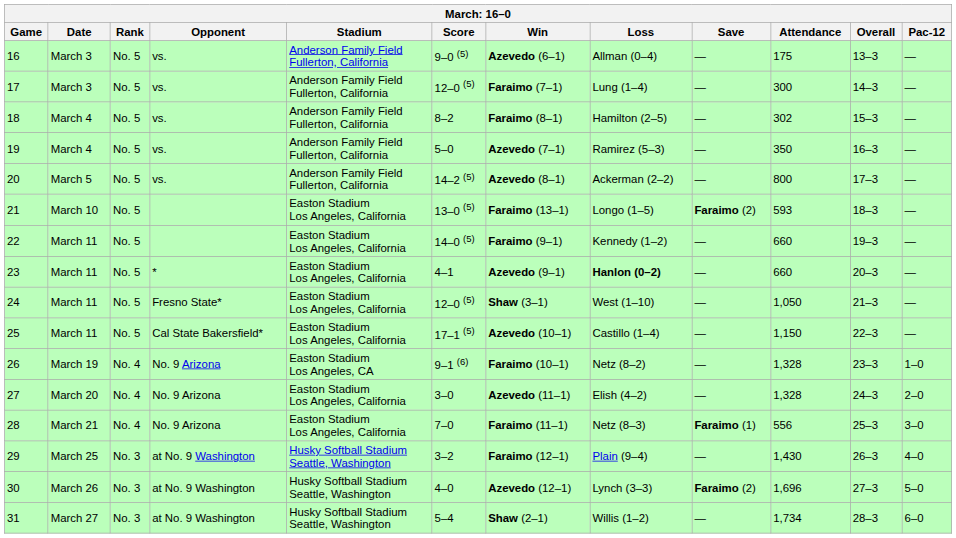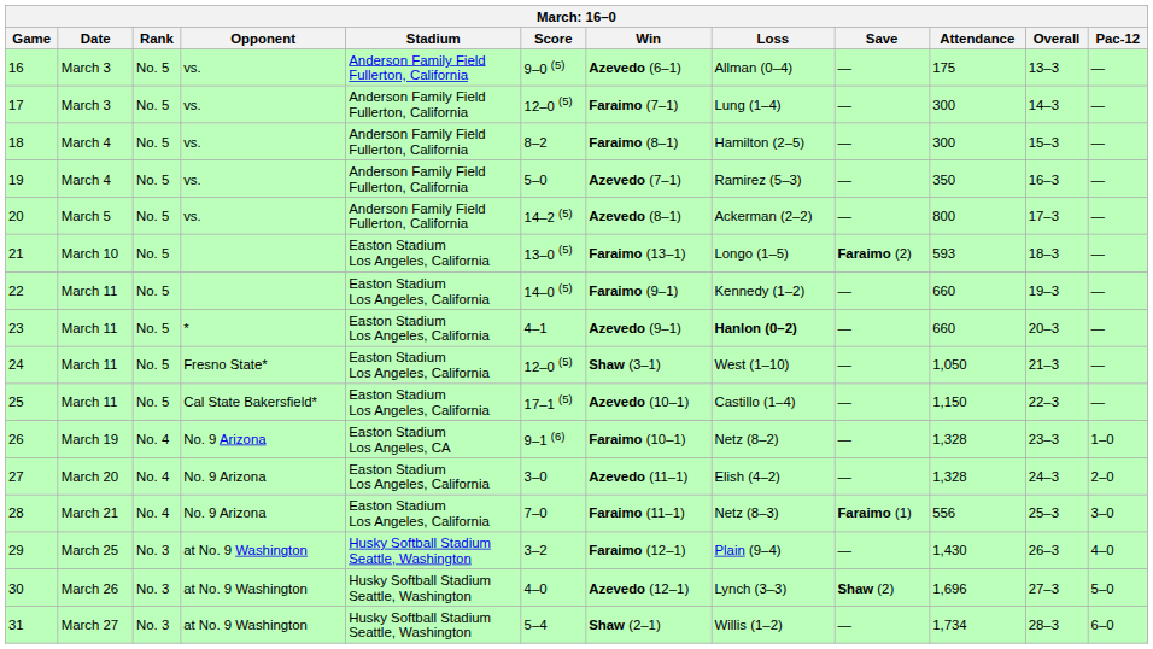 <table class="wikitable collapsible collapsed" style="margin:auto; font-size:95%; width:100%">
 <tr>
 <th colspan=12>March: 16–0</th>
 </tr>
 <tr>
 <th>Game</th>
 <th>Date</th>
 <th>Rank</th>
 <th>Opponent</th>
 <th>Stadium</th>
 <th>Score</th>
 <th>Win</th>
 <th>Loss</th>
 <th>Save</th>
 <th>Attendance</th>
 <th>Overall</th>
 <th>Pac-12</th>
 </tr>
 <tr style="background:#bfb;">
 <td>16</td>
 <td>March 3</td>
 <td>No. 5</td>
 <td>vs. </td>
 <td><a href='#'>Anderson Family Field</a><br><a href='#'>Fullerton, California</a></td>
 <td>9–0 <sup>(5)</sup></td>
 <td><strong>Azevedo</strong> (6–1)</td>
 <td>Allman (0–4)</td>
 <td>—</td>
 <td>175</td>
 <td>13–3</td>
 <td>—</td>
 </tr>
 <tr style="background:#bfb;">
 <td>17</td>
 <td>March 3</td>
 <td>No. 5</td>
 <td>vs. </td>
 <td>Anderson Family Field<br>Fullerton, California</td>
 <td>12–0 <sup>(5)</sup></td>
 <td><strong>Faraimo</strong> (7–1)</td>
 <td>Lung (1–4)</td>
 <td>—</td>
 <td>300</td>
 <td>14–3</td>
 <td>—</td>
 </tr>
 <tr style="background:#bfb;">
 <td>18</td>
 <td>March 4</td>
 <td>No. 5</td>
 <td>vs. </td>
 <td>Anderson Family Field<br>Fullerton, California</td>
 <td>8–2</td>
 <td><strong>Faraimo</strong> (8–1)</td>
 <td>Hamilton (2–5)</td>
 <td>—</td>
-<td>302</td>
+<td>300</td>
 <td>15–3</td>
 <td>—</td>
 </tr>
 <tr style="background:#bfb;">
 <td>19</td>
 <td>March 4</td>
 <td>No. 5</td>
 <td>vs. </td>
 <td>Anderson Family Field<br>Fullerton, California</td>
 <td>5–0</td>
 <td><strong>Azevedo</strong> (7–1)</td>
 <td>Ramirez (5–3)</td>
 <td>—</td>
 <td>350</td>
 <td>16–3</td>
 <td>—</td>
 </tr>
 <tr style="background:#bfb;">
 <td>20</td>
 <td>March 5</td>
 <td>No. 5</td>
 <td>vs. </td>
 <td>Anderson Family Field<br>Fullerton, California</td>
 <td>14–2 <sup>(5)</sup></td>
 <td><strong>Azevedo</strong> (8–1)</td>
 <td>Ackerman (2–2)</td>
 <td>—</td>
 <td>800</td>
 <td>17–3</td>
 <td>—</td>
 </tr>
 <tr style="background:#bfb;">
 <td>21</td>
 <td>March 10</td>
 <td>No. 5</td>
 <td></td>
 <td>Easton Stadium<br>Los Angeles, California</td>
 <td>13–0 <sup>(5)</sup></td>
 <td><strong>Faraimo</strong> (13–1)</td>
 <td>Longo (1–5)</td>
 <td><strong>Faraimo</strong> (2)</td>
 <td>593</td>
 <td>18–3</td>
 <td>—</td>
 </tr>
 <tr style="background:#bfb;">
 <td>22</td>
 <td>March 11</td>
 <td>No. 5</td>
 <td></td>
 <td>Easton Stadium<br>Los Angeles, California</td>
 <td>14–0 <sup>(5)</sup></td>
 <td><strong>Faraimo</strong> (9–1)</td>
 <td>Kennedy (1–2)</td>
 <td>—</td>
 <td>660</td>
 <td>19–3</td>
 <td>—</td>
 </tr>
 <tr style="background:#bfb;">
 <td>23</td>
 <td>March 11</td>
 <td>No. 5</td>
 <td>*</td>
 <td>Easton Stadium<br>Los Angeles, California</td>
 <td>4–1</td>
 <td><strong>Azevedo</strong> (9–1)</td>
 <td><strong>Hanlon (0–2)</strong></td>
 <td>—</td>
 <td>660</td>
 <td>20–3</td>
 <td>—</td>
 </tr>
 <tr style="background:#bfb;">
 <td>24</td>
 <td>March 11</td>
 <td>No. 5</td>
 <td>Fresno State*</td>
 <td>Easton Stadium<br>Los Angeles, California</td>
 <td>12–0 <sup>(5)</sup></td>
 <td><strong>Shaw</strong> (3–1)</td>
 <td>West (1–10)</td>
 <td>—</td>
 <td>1,050</td>
 <td>21–3</td>
 <td>—</td>
 </tr>
 <tr style="background:#bfb;">
 <td>25</td>
 <td>March 11</td>
 <td>No. 5</td>
 <td>Cal State Bakersfield*</td>
 <td>Easton Stadium<br>Los Angeles, California</td>
 <td>17–1 <sup>(5)</sup></td>
 <td><strong>Azevedo</strong> (10–1)</td>
 <td>Castillo (1–4)</td>
 <td>—</td>
 <td>1,150</td>
 <td>22–3</td>
 <td>—</td>
 </tr>
 <tr style="background:#bfb;">
 <td>26</td>
 <td>March 19</td>
 <td>No. 4</td>
 <td>No. 9 <a href='#'>Arizona</a></td>
 <td>Easton Stadium<br>Los Angeles, CA</td>
 <td>9–1 <sup>(6)</sup></td>
 <td><strong>Faraimo</strong> (10–1)</td>
 <td>Netz (8–2)</td>
 <td>—</td>
 <td>1,328</td>
 <td>23–3</td>
 <td>1–0</td>
 </tr>
 <tr style="background:#bfb;">
 <td>27</td>
 <td>March 20</td>
 <td>No. 4</td>
 <td>No. 9 Arizona</td>
 <td>Easton Stadium<br>Los Angeles, California</td>
 <td>3–0</td>
 <td><strong>Azevedo</strong> (11–1)</td>
 <td>Elish (4–2)</td>
 <td>—</td>
 <td>1,328</td>
 <td>24–3</td>
 <td>2–0</td>
 </tr>
 <tr style="background:#bfb;">
 <td>28</td>
 <td>March 21</td>
 <td>No. 4</td>
 <td>No. 9 Arizona</td>
 <td>Easton Stadium<br>Los Angeles, California</td>
 <td>7–0</td>
 <td><strong>Faraimo</strong> (11–1)</td>
 <td>Netz (8–3)</td>
 <td><strong>Faraimo</strong> (1)</td>
 <td>556</td>
 <td>25–3</td>
 <td>3–0</td>
 </tr>
 <tr style="background:#bfb;">
 <td>29</td>
 <td>March 25</td>
 <td>No. 3</td>
 <td>at No. 9 <a href='#'>Washington</a></td>
 <td><a href='#'>Husky Softball Stadium</a><br><a href='#'>Seattle, Washington</a></td>
 <td>3–2</td>
 <td><strong>Faraimo</strong> (12–1)</td>
 <td><a href='#'>Plain</a> (9–4)</td>
 <td>—</td>
 <td>1,430</td>
 <td>26–3</td>
 <td>4–0</td>
 </tr>
 <tr style="background:#bfb;">
 <td>30</td>
 <td>March 26</td>
 <td>No. 3</td>
 <td>at No. 9 Washington</td>
 <td>Husky Softball Stadium<br>Seattle, Washington</td>
 <td>4–0</td>
 <td><strong>Azevedo</strong> (12–1)</td>
 <td>Lynch (3–3)</td>
-<td><strong>Faraimo</strong> (2)</td>
+<td><strong>Shaw</strong> (2)</td>
 <td>1,696</td>
 <td>27–3</td>
 <td>5–0</td>
 </tr>
 <tr style="background:#bfb;">
 <td>31</td>
 <td>March 27</td>
 <td>No. 3</td>
 <td>at No. 9 Washington</td>
 <td>Husky Softball Stadium<br>Seattle, Washington</td>
 <td>5–4</td>
 <td><strong>Shaw</strong> (2–1)</td>
 <td>Willis (1–2)</td>
 <td>—</td>
 <td>1,734</td>
 <td>28–3</td>
 <td>6–0</td>
 </tr>
 </table>
